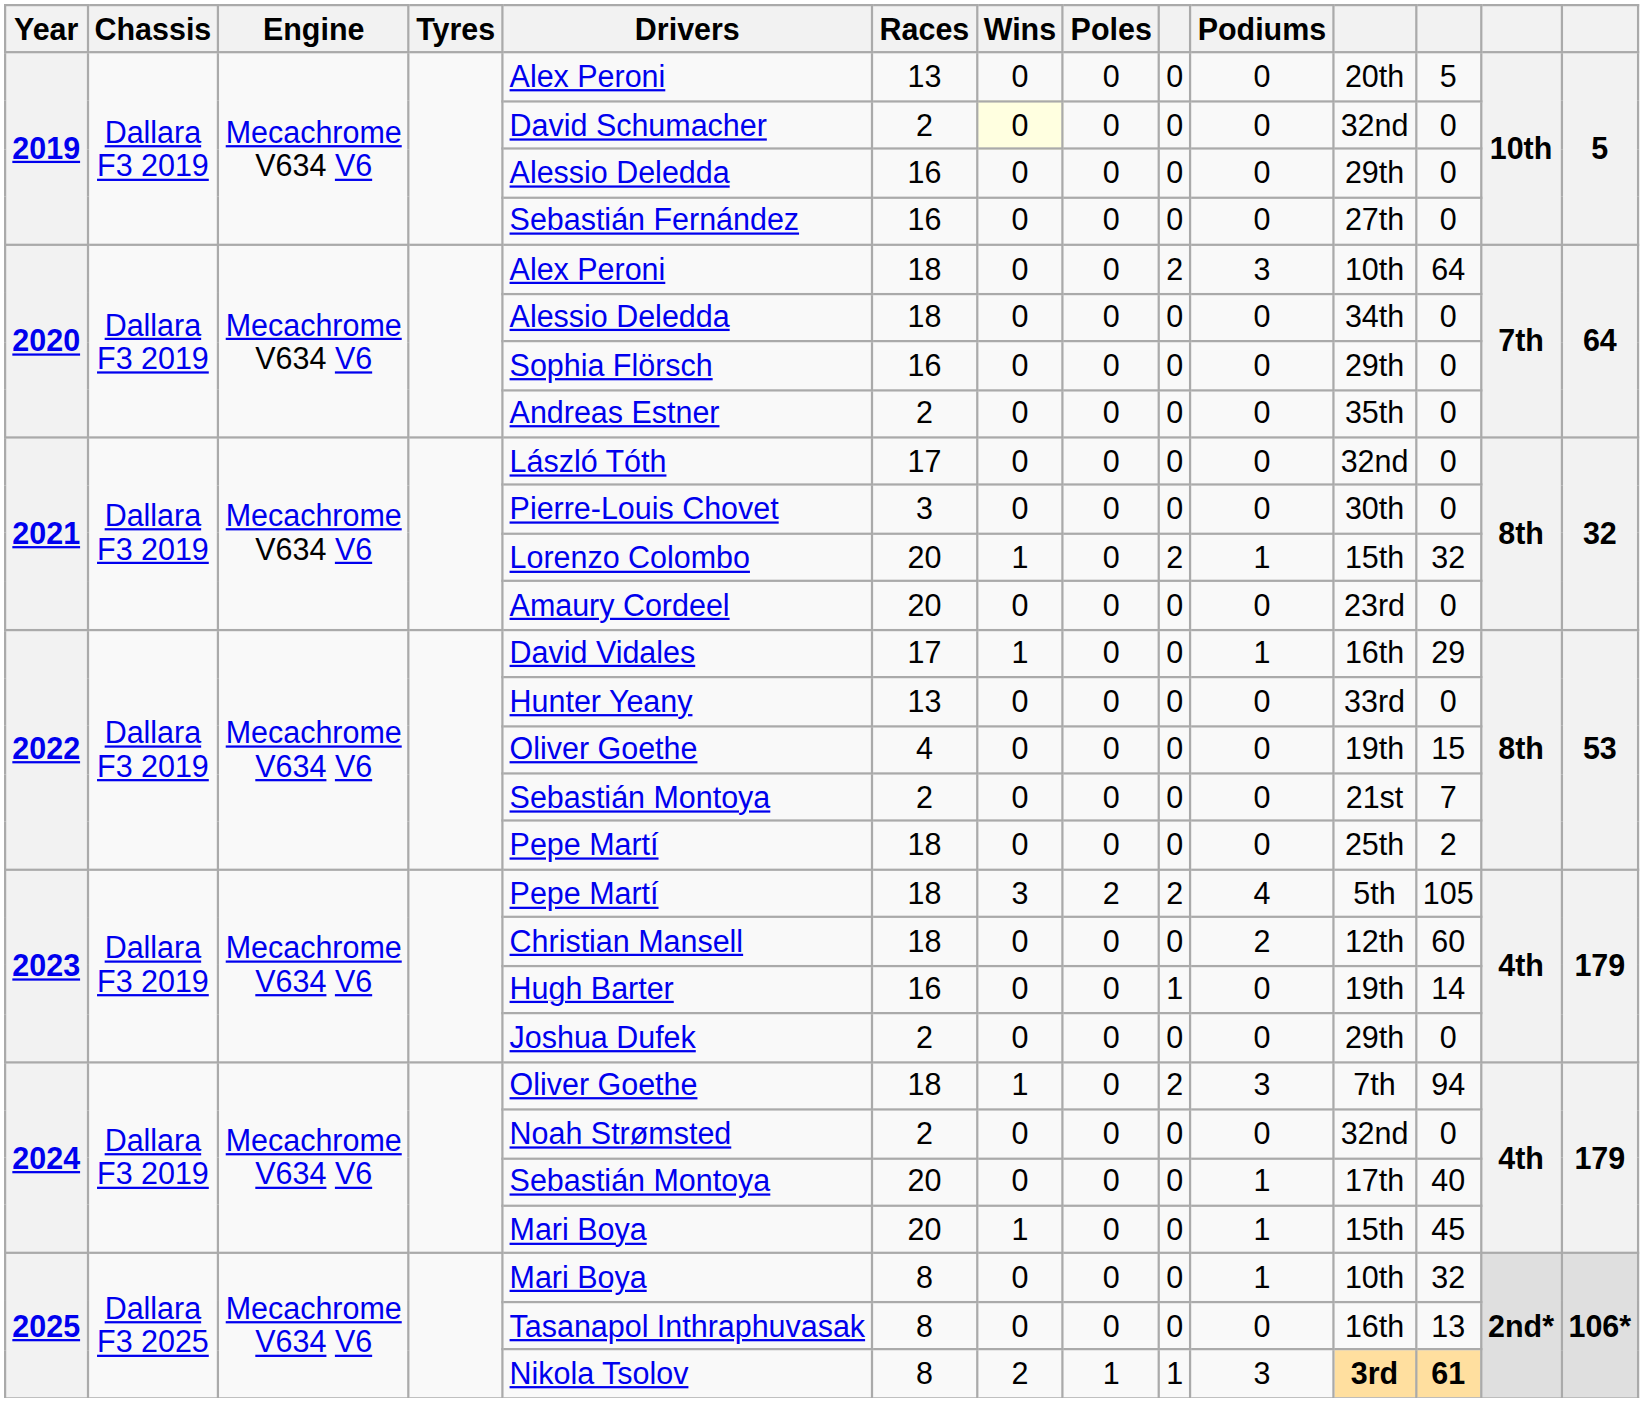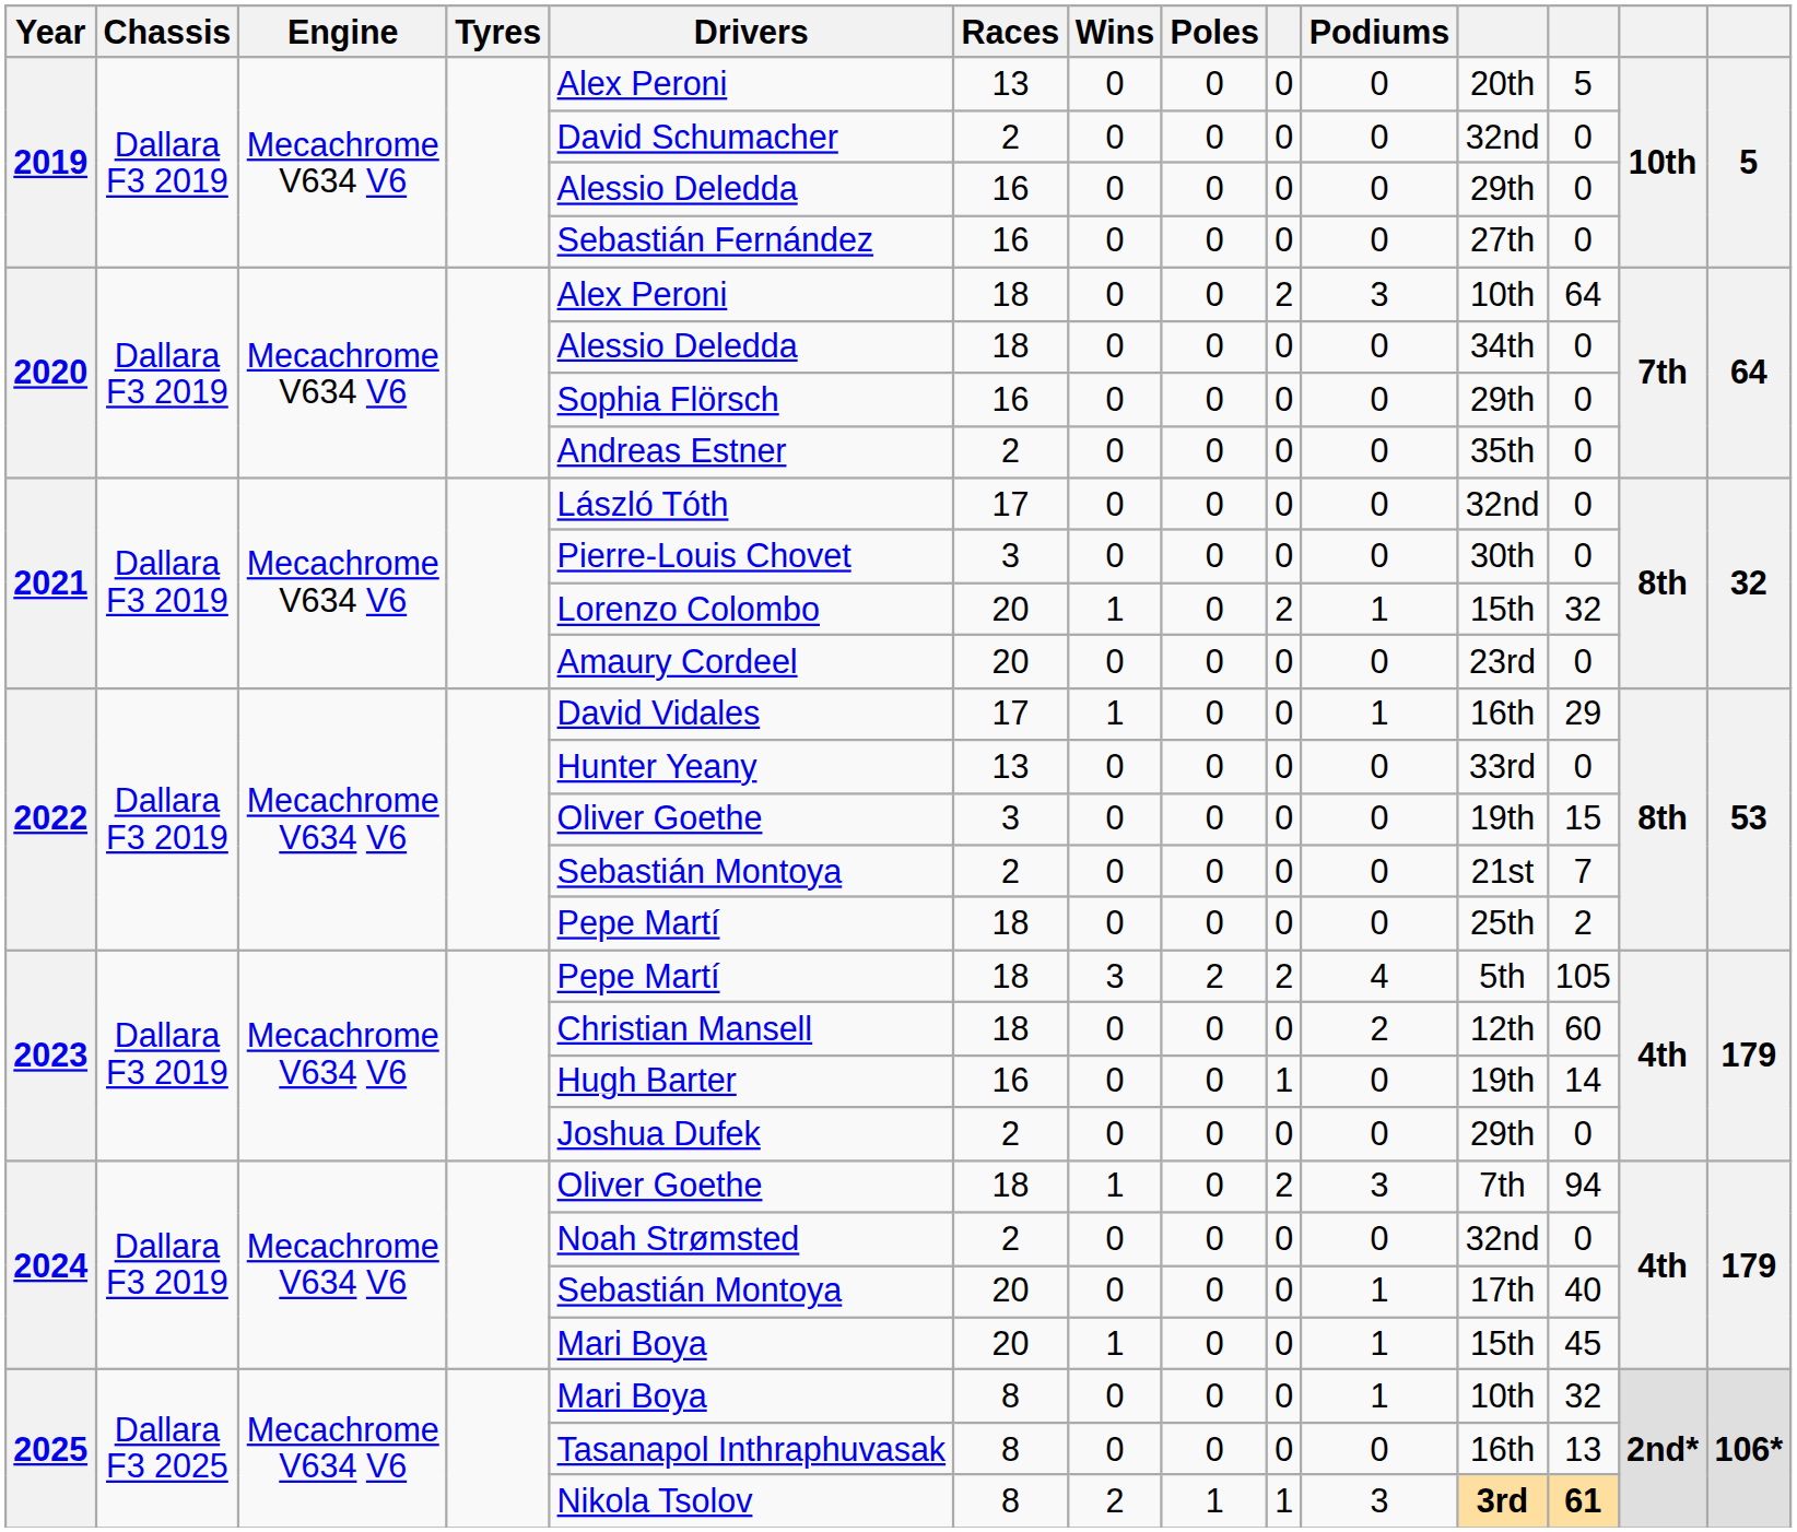 <table class="wikitable" style="text-align:center; font-size:85%">
 <tr>
 <th>Year</th>
 <th>Chassis</th>
 <th>Engine</th>
 <th>Tyres</th>
 <th>Drivers</th>
 <th>Races</th>
 <th>Wins</th>
 <th>Poles</th>
 <th></th>
 <th>Podiums</th>
 <th></th>
 <th></th>
 <th></th>
 <th></th>
 </tr>
 <tr>
 <th rowspan="4"><a href='#'>2019</a></th>
 <td rowspan=4><a href='#'>Dallara</a><br><a href='#'>F3 2019</a></td>
 <td rowspan=4><a href='#'>Mecachrome</a><br>V634 <a href='#'>V6</a></td>
 <td rowspan=4></td>
 <td align=left> <a href='#'>Alex Peroni</a></td>
 <td>13</td>
 <td>0</td>
 <td>0</td>
 <td>0</td>
 <td>0</td>
 <td>20th</td>
 <td>5</td>
 <th rowspan=4>10th</th>
 <th rowspan=4>5</th>
 </tr>
 <tr>
 <td align=left> <a href='#'>David Schumacher</a></td>
 <td>2</td>
-<td style="background: lightyellow;">0</td>
+<td>0</td>
 <td>0</td>
 <td>0</td>
 <td>0</td>
 <td>32nd</td>
 <td>0</td>
 </tr>
 <tr>
 <td align=left> <a href='#'>Alessio Deledda</a></td>
 <td>16</td>
 <td>0</td>
 <td>0</td>
 <td>0</td>
 <td>0</td>
 <td>29th</td>
 <td>0</td>
 </tr>
 <tr>
 <td align=left> <a href='#'>Sebastián Fernández</a></td>
 <td>16</td>
 <td>0</td>
 <td>0</td>
 <td>0</td>
 <td>0</td>
 <td>27th</td>
 <td>0</td>
 </tr>
 <tr>
 <th rowspan=4><a href='#'>2020</a></th>
 <td rowspan=4><a href='#'>Dallara</a><br><a href='#'>F3 2019</a></td>
 <td rowspan=4><a href='#'>Mecachrome</a><br>V634 <a href='#'>V6</a></td>
 <td rowspan=4></td>
 <td align=left> <a href='#'>Alex Peroni</a></td>
 <td>18</td>
 <td>0</td>
 <td>0</td>
 <td>2</td>
 <td>3</td>
 <td>10th</td>
 <td>64</td>
 <th rowspan=4>7th</th>
 <th rowspan=4>64</th>
 </tr>
 <tr>
 <td align=left> <a href='#'>Alessio Deledda</a></td>
 <td>18</td>
 <td>0</td>
 <td>0</td>
 <td>0</td>
 <td>0</td>
 <td>34th</td>
 <td>0</td>
 </tr>
 <tr>
 <td align=left> <a href='#'>Sophia Flörsch</a></td>
 <td>16</td>
 <td>0</td>
 <td>0</td>
 <td>0</td>
 <td>0</td>
 <td>29th</td>
 <td>0</td>
 </tr>
 <tr>
 <td align=left> <a href='#'>Andreas Estner</a></td>
 <td>2</td>
 <td>0</td>
 <td>0</td>
 <td>0</td>
 <td>0</td>
 <td>35th</td>
 <td>0</td>
 </tr>
 <tr>
 <th rowspan="4"><a href='#'>2021</a></th>
 <td rowspan=4><a href='#'>Dallara</a><br><a href='#'>F3 2019</a></td>
 <td rowspan=4><a href='#'>Mecachrome</a><br>V634 <a href='#'>V6</a></td>
 <td rowspan=4></td>
 <td align=left> <a href='#'>László Tóth</a></td>
 <td>17</td>
 <td>0</td>
 <td>0</td>
 <td>0</td>
 <td>0</td>
 <td>32nd</td>
 <td>0</td>
 <th rowspan="4">8th</th>
 <th rowspan="4">32</th>
 </tr>
 <tr>
 <td align=left> <a href='#'>Pierre-Louis Chovet</a></td>
 <td>3</td>
 <td>0</td>
 <td>0</td>
 <td>0</td>
 <td>0</td>
 <td>30th</td>
 <td>0</td>
 </tr>
 <tr>
 <td align=left> <a href='#'>Lorenzo Colombo</a></td>
 <td>20</td>
 <td>1</td>
 <td>0</td>
 <td>2</td>
 <td>1</td>
 <td>15th</td>
 <td>32</td>
 </tr>
 <tr>
 <td align=left> <a href='#'>Amaury Cordeel</a></td>
 <td>20</td>
 <td>0</td>
 <td>0</td>
 <td>0</td>
 <td>0</td>
 <td>23rd</td>
 <td>0</td>
 </tr>
 <tr>
 <th rowspan=5><a href='#'>2022</a></th>
 <td rowspan=5><a href='#'>Dallara</a><br><a href='#'>F3 2019</a></td>
 <td rowspan=5><a href='#'>Mecachrome</a><br><a href='#'>V634</a> <a href='#'>V6</a></td>
 <td rowspan=5></td>
 <td align=left> <a href='#'>David Vidales</a></td>
 <td>17</td>
 <td>1</td>
 <td>0</td>
 <td>0</td>
 <td>1</td>
 <td>16th</td>
 <td>29</td>
 <th rowspan=5>8th</th>
 <th rowspan=5>53</th>
 </tr>
 <tr>
 <td align=left> <a href='#'>Hunter Yeany</a></td>
 <td>13</td>
 <td>0</td>
 <td>0</td>
 <td>0</td>
 <td>0</td>
 <td>33rd</td>
 <td>0</td>
 </tr>
 <tr>
 <td align=left> <a href='#'>Oliver Goethe</a></td>
-<td>4</td>
+<td>3</td>
 <td>0</td>
 <td>0</td>
 <td>0</td>
 <td>0</td>
 <td>19th</td>
 <td>15</td>
 </tr>
 <tr>
 <td align=left> <a href='#'>Sebastián Montoya</a></td>
 <td>2</td>
 <td>0</td>
 <td>0</td>
 <td>0</td>
 <td>0</td>
 <td>21st</td>
 <td>7</td>
 </tr>
 <tr>
 <td align=left> <a href='#'>Pepe Martí</a></td>
 <td>18</td>
 <td>0</td>
 <td>0</td>
 <td>0</td>
 <td>0</td>
 <td>25th</td>
 <td>2</td>
 </tr>
 <tr>
 <th rowspan=4><a href='#'>2023</a></th>
 <td rowspan=4><a href='#'>Dallara</a><br><a href='#'>F3 2019</a></td>
 <td rowspan=4><a href='#'>Mecachrome</a><br><a href='#'>V634</a> <a href='#'>V6</a></td>
 <td rowspan=4></td>
 <td align=left> <a href='#'>Pepe Martí</a></td>
 <td>18</td>
 <td>3</td>
 <td>2</td>
 <td>2</td>
 <td>4</td>
 <td style="background:#;">5th</td>
 <td style="background:#;">105</td>
 <th rowspan=4 style="background:#;">4th</th>
 <th rowspan=4 style="background:#;">179</th>
 </tr>
 <tr>
 <td align=left> <a href='#'>Christian Mansell</a></td>
 <td>18</td>
 <td>0</td>
 <td>0</td>
 <td>0</td>
 <td>2</td>
 <td style="background:#;">12th</td>
 <td style="background:#;">60</td>
 </tr>
 <tr>
 <td align=left> <a href='#'>Hugh Barter</a></td>
 <td>16</td>
 <td>0</td>
 <td>0</td>
 <td>1</td>
 <td>0</td>
 <td style="background:#;">19th</td>
 <td style="background:#;">14</td>
 </tr>
 <tr>
 <td align=left> <a href='#'>Joshua Dufek</a></td>
 <td>2</td>
 <td>0</td>
 <td>0</td>
 <td>0</td>
 <td>0</td>
 <td style="background:#;">29th</td>
 <td style="background:#;">0</td>
 </tr>
 <tr>
 <th rowspan=4><a href='#'>2024</a></th>
 <td rowspan=4><a href='#'>Dallara</a><br><a href='#'>F3 2019</a></td>
 <td rowspan=4><a href='#'>Mecachrome</a><br><a href='#'>V634</a> <a href='#'>V6</a></td>
 <td rowspan=4></td>
 <td align=left> <a href='#'>Oliver Goethe</a></td>
 <td>18</td>
 <td>1</td>
 <td>0</td>
 <td>2</td>
 <td>3</td>
 <td style="background:#;">7th</td>
 <td style="background:#;">94</td>
 <th rowspan=4 style="background:#;">4th</th>
 <th rowspan=4 style="background:#;">179</th>
 </tr>
 <tr>
 <td align=left> <a href='#'>Noah Strømsted</a></td>
 <td>2</td>
 <td>0</td>
 <td>0</td>
 <td>0</td>
 <td>0</td>
 <td style="background:#;">32nd</td>
 <td style="background:#;">0</td>
 </tr>
 <tr>
 <td align=left> <a href='#'>Sebastián Montoya</a></td>
 <td>20</td>
 <td>0</td>
 <td>0</td>
 <td>0</td>
 <td>1</td>
 <td style="background:#;">17th</td>
 <td style="background:#;">40</td>
 </tr>
 <tr>
 <td align=left> <a href='#'>Mari Boya</a></td>
 <td>20</td>
 <td>1</td>
 <td>0</td>
 <td>0</td>
 <td>1</td>
 <td style="background:#;">15th</td>
 <td style="background:#;">45</td>
 </tr>
 <tr>
 <th rowspan=3><a href='#'>2025</a></th>
 <td rowspan=3><a href='#'>Dallara</a><br><a href='#'>F3 2025</a></td>
 <td rowspan=3><a href='#'>Mecachrome</a><br><a href='#'>V634</a> <a href='#'>V6</a></td>
 <td rowspan=3></td>
 <td align=left> <a href='#'>Mari Boya</a></td>
 <td>8</td>
 <td>0</td>
 <td>0</td>
 <td>0</td>
 <td>1</td>
 <td style="background:#;">10th</td>
 <td style="background:#;">32</td>
 <th rowspan=3 style="background:#DFDFDF;">2nd*</th>
 <th rowspan=3 style="background:#DFDFDF;">106*</th>
 </tr>
 <tr>
 <td align=left> <a href='#'>Tasanapol Inthraphuvasak</a></td>
 <td>8</td>
 <td>0</td>
 <td>0</td>
 <td>0</td>
 <td>0</td>
 <td style="background:#;">16th</td>
 <td style="background:#;">13</td>
 </tr>
 <tr>
 <td align=left> <a href='#'>Nikola Tsolov</a></td>
 <td>8</td>
 <td>2</td>
 <td>1</td>
 <td>1</td>
 <td>3</td>
 <td style="background:#FFDF9F;"><strong>3rd</strong></td>
 <td style="background:#FFDF9F;"><strong>61</strong></td>
 </tr>
 </table>
